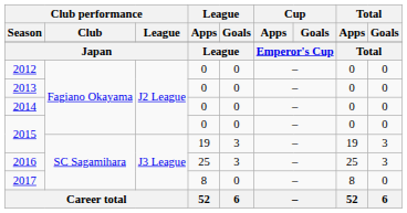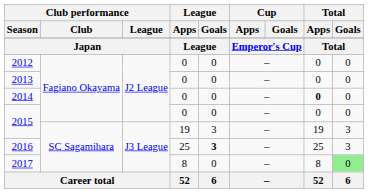 <table class="wikitable" style="text-align:center">
 <tr>
 <th colspan=3>Club performance</th>
 <th colspan=2>League</th>
 <th colspan=2>Cup</th>
 <th colspan=2>Total</th>
 </tr>
 <tr>
 <th>Season</th>
 <th>Club</th>
 <th>League</th>
 <th>Apps</th>
 <th>Goals</th>
 <th>Apps</th>
 <th>Goals</th>
 <th>Apps</th>
 <th>Goals</th>
 </tr>
 <tr>
 </tr>
 <tr>
 <th colspan=3>Japan</th>
 <th colspan=2>League</th>
 <th colspan=2><a href='#'>Emperor's Cup</a></th>
 <th colspan=2>Total</th>
 </tr>
 <tr>
 <td><a href='#'>2012</a></td>
 <td rowspan="4"><a href='#'>Fagiano Okayama</a></td>
 <td rowspan="4"><a href='#'>J2 League</a></td>
 <td>0</td>
 <td>0</td>
 <td colspan="2">–</td>
 <td>0</td>
 <td>0</td>
 </tr>
 <tr>
 <td><a href='#'>2013</a></td>
 <td>0</td>
 <td>0</td>
 <td colspan="2">–</td>
 <td>0</td>
 <td>0</td>
 </tr>
 <tr>
 <td><a href='#'>2014</a></td>
 <td>0</td>
 <td>0</td>
 <td colspan="2">–</td>
-<td>0</td>
+<td><strong>0</strong></td>
 <td>0</td>
 </tr>
 <tr>
 <td rowspan="2"><a href='#'>2015</a></td>
 <td>0</td>
 <td>0</td>
 <td colspan="2">–</td>
 <td>0</td>
 <td>0</td>
 </tr>
 <tr>
 <td rowspan="3"><a href='#'>SC Sagamihara</a></td>
 <td rowspan="3"><a href='#'>J3 League</a></td>
 <td>19</td>
 <td>3</td>
 <td colspan="2">–</td>
 <td>19</td>
 <td>3</td>
 </tr>
 <tr>
 <td><a href='#'>2016</a></td>
 <td>25</td>
-<td>3</td>
+<td><strong>3</strong></td>
 <td colspan="2">–</td>
 <td>25</td>
 <td>3</td>
 </tr>
 <tr>
 <td><a href='#'>2017</a></td>
 <td>8</td>
 <td>0</td>
 <td colspan="2">–</td>
 <td>8</td>
-<td>0</td>
+<td style="background: lightgreen;">0</td>
 </tr>
 <tr>
 <th colspan=3>Career total</th>
 <th>52</th>
 <th>6</th>
 <th colspan="2">–</th>
 <th>52</th>
 <th>6</th>
 </tr>
 </table>
